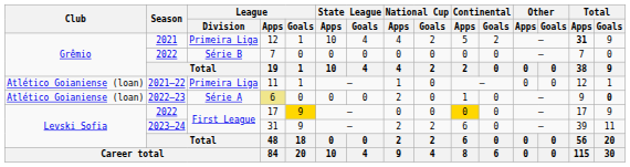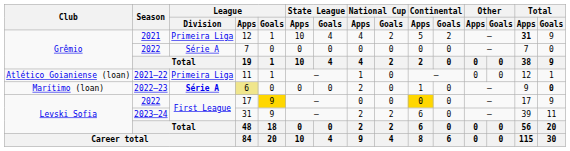 <table class="wikitable" style="text-align: center">
 <tr>
 <th rowspan="2">Club</th>
 <th rowspan="2">Season</th>
 <th colspan="3">League</th>
 <th colspan="2">State League</th>
 <th colspan="2">National Cup</th>
 <th colspan="2">Continental</th>
 <th colspan="2">Other</th>
 <th colspan="2">Total</th>
 </tr>
 <tr>
 <th>Division</th>
 <th>Apps</th>
 <th>Goals</th>
 <th>Apps</th>
 <th>Goals</th>
 <th>Apps</th>
 <th>Goals</th>
 <th>Apps</th>
 <th>Goals</th>
 <th>Apps</th>
 <th>Goals</th>
 <th>Apps</th>
 <th>Goals</th>
 </tr>
 <tr>
 <td rowspan=3><a href='#'>Grêmio</a></td>
 <td><a href='#'>2021</a></td>
 <td><a href='#'>Primeira Liga</a></td>
 <td>12</td>
 <td>1</td>
 <td>10</td>
 <td>4</td>
 <td>4</td>
 <td>2</td>
 <td>5</td>
 <td>2</td>
 <td colspan="2">—</td>
 <td><strong>31</strong></td>
 <td>9</td>
 </tr>
 <tr>
 <td><a href='#'>2022</a></td>
-<td><a href='#'>Série B</a></td>
+<td><a href='#'>Série A</a></td>
 <td>7</td>
 <td>0</td>
 <td>0</td>
 <td>0</td>
 <td>0</td>
 <td>0</td>
 <td>0</td>
 <td>0</td>
 <td colspan="2">—</td>
 <td>7</td>
 <td>0</td>
 </tr>
 <tr>
 <th colspan="2">Total</th>
 <th>19</th>
 <th>1</th>
 <th>10</th>
 <th>4</th>
 <th>4</th>
 <th>2</th>
 <th>2</th>
 <th>0</th>
 <th>0</th>
 <th>0</th>
 <th>38</th>
 <th>9</th>
 </tr>
 <tr>
 <td><a href='#'>Atlético Goianiense</a> (loan)</td>
 <td><a href='#'>2021–22</a></td>
 <td><a href='#'>Primeira Liga</a></td>
 <td>11</td>
 <td>1</td>
 <td colspan="2">—</td>
 <td>1</td>
 <td>0</td>
 <td colspan="2">—</td>
 <td>0</td>
 <td>0</td>
 <td>12</td>
 <td>1</td>
 </tr>
 <tr>
-<td><a href='#'>Atlético Goianiense</a> (loan)</td>
+<td><a href='#'>Marítimo</a> (loan)</td>
 <td><a href='#'>2022–23</a></td>
-<td><a href='#'>Série A</a></td>
+<td><strong><a href='#'>Série A</a></strong></td>
 <td style="background: khaki;">6</td>
 <td>0</td>
 <td>0</td>
 <td>0</td>
 <td>2</td>
 <td>0</td>
 <td>1</td>
 <td>0</td>
 <td colspan="2">—</td>
 <td>9</td>
 <td><strong>0</strong></td>
 </tr>
 <tr>
 <td rowspan=3><a href='#'>Levski Sofia</a></td>
 <td><a href='#'>2022</a></td>
 <td rowspan=2><a href='#'>First League</a></td>
 <td>17</td>
 <td style="background: gold;">9</td>
 <td colspan="2">—</td>
 <td>0</td>
 <td>0</td>
 <td style="background: gold;">0</td>
 <td>0</td>
 <td colspan="2">—</td>
 <td>17</td>
 <td>9</td>
 </tr>
 <tr>
 <td><a href='#'>2023–24</a></td>
 <td>31</td>
 <td>9</td>
 <td colspan="2">—</td>
 <td>2</td>
 <td>2</td>
 <td>6</td>
 <td>0</td>
 <td colspan="2">—</td>
 <td>39</td>
 <td>11</td>
 </tr>
 <tr>
 <th colspan="2">Total</th>
 <th>48</th>
 <th>18</th>
 <th>0</th>
 <th>0</th>
 <th>2</th>
 <th>2</th>
 <th>6</th>
 <th>0</th>
 <th>0</th>
 <th>0</th>
 <th>56</th>
 <th>20</th>
 </tr>
 <tr>
 <th colspan="3"><strong>Career total</strong></th>
 <th>84</th>
 <th>20</th>
 <th>10</th>
 <th>4</th>
 <th>9</th>
 <th>4</th>
 <th>8</th>
 <th>6</th>
 <th>0</th>
 <th>0</th>
 <th>115</th>
 <th>30</th>
 </tr>
 </table>
